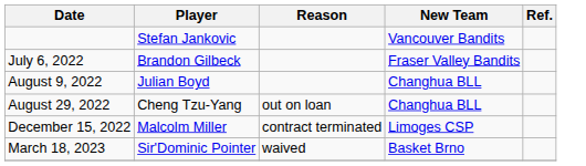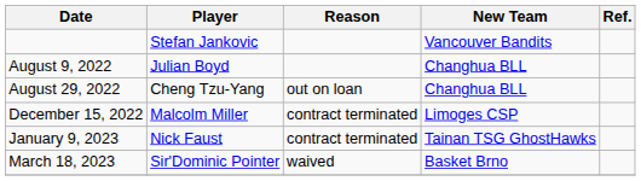 <table class="wikitable">
 <tr>
 <th>Date</th>
 <th>Player</th>
 <th>Reason</th>
 <th>New Team</th>
 <th>Ref.</th>
 </tr>
 <tr>
 <td></td>
 <td><a href='#'>Stefan Jankovic</a></td>
 <td></td>
 <td><a href='#'>Vancouver Bandits</a></td>
-<td></td>
-</tr>
-<tr>
-<td>July 6, 2022</td>
-<td><a href='#'>Brandon Gilbeck</a></td>
-<td></td>
-<td><a href='#'>Fraser Valley Bandits</a></td>
 <td></td>
 </tr>
 <tr>
 <td>August 9, 2022</td>
 <td><a href='#'>Julian Boyd</a></td>
 <td></td>
 <td><a href='#'>Changhua BLL</a></td>
 <td></td>
 </tr>
 <tr>
 <td>August 29, 2022</td>
 <td>Cheng Tzu-Yang</td>
 <td>out on loan</td>
 <td><a href='#'>Changhua BLL</a></td>
 <td></td>
 </tr>
 <tr>
 <td>December 15, 2022</td>
 <td><a href='#'>Malcolm Miller</a></td>
 <td>contract terminated</td>
 <td><a href='#'>Limoges CSP</a></td>
 <td></td>
 </tr>
 <tr>
+<td>January 9, 2023</td>
+<td><a href='#'>Nick Faust</a></td>
+<td>contract terminated</td>
+<td><a href='#'>Tainan TSG GhostHawks</a></td>
+<td></td>
+</tr>
+<tr>
 <td>March 18, 2023</td>
 <td><a href='#'>Sir'Dominic Pointer</a></td>
 <td>waived</td>
 <td><a href='#'>Basket Brno</a></td>
 <td></td>
 </tr>
 <tr>
 </tr>
 </table>
